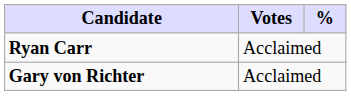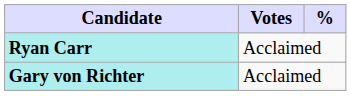 <table class="wikitable">
 <tr>
 <th style="background:#ddf; width:200px;">Candidate</th>
 <th style="background:#ddf; width:50px;">Votes</th>
 <th style="background:#ddf; width:30px;">%</th>
 </tr>
 <tr>
-<td><strong>Ryan Carr</strong></td>
+<td style="background: paleturquoise;"><strong>Ryan Carr</strong></td>
 <td colspan="2">Acclaimed</td>
 </tr>
 <tr>
-<td><strong>Gary von Richter</strong></td>
+<td style="background: paleturquoise;"><strong>Gary von Richter</strong></td>
 <td colspan="2">Acclaimed</td>
 </tr>
 </table>
